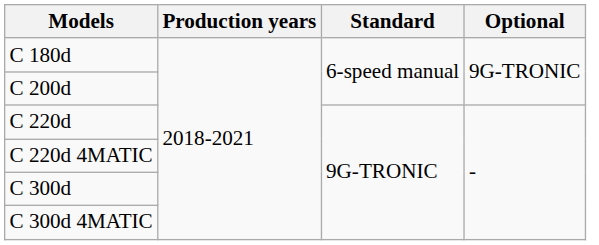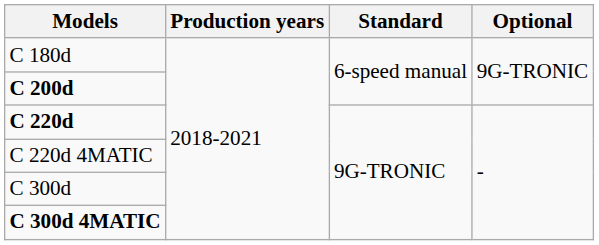 <table class="wikitable">
 <tr>
 <th>Models</th>
 <th>Production years</th>
 <th>Standard</th>
 <th>Optional</th>
 </tr>
 <tr>
 <td>C 180d</td>
 <td rowspan="6">2018-2021</td>
 <td rowspan="2">6-speed manual</td>
 <td rowspan="2">9G-TRONIC</td>
 </tr>
 <tr>
-<td>C 200d</td>
+<td><strong>C 200d</strong></td>
 </tr>
 <tr>
-<td>C 220d</td>
+<td><strong>C 220d</strong></td>
 <td rowspan="4">9G-TRONIC</td>
 <td rowspan="4">-</td>
 </tr>
 <tr>
 <td>C 220d 4MATIC</td>
 </tr>
 <tr>
 <td>C 300d</td>
 </tr>
 <tr>
-<td>C 300d 4MATIC</td>
+<td><strong>C 300d 4MATIC</strong></td>
 </tr>
 </table>
